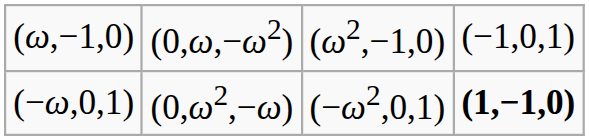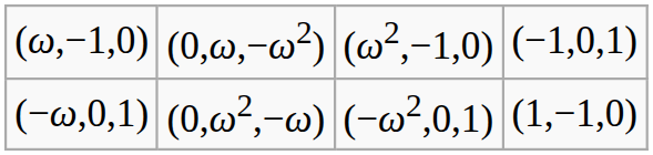 <table class=wikitable>
 <tr>
 <td>(<em>ω</em>,−1,0)</td>
 <td>(0,<em>ω</em>,−<em>ω</em><sup>2</sup>)</td>
 <td>(<em>ω</em><sup>2</sup>,−1,0)</td>
 <td>(−1,0,1)</td>
 </tr>
 <tr>
 <td>(−<em>ω</em>,0,1)</td>
 <td>(0,<em>ω</em><sup>2</sup>,−<em>ω</em>)</td>
 <td>(−<em>ω</em><sup>2</sup>,0,1)</td>
-<td><strong>(1,−1,0)</strong></td>
+<td>(1,−1,0)</td>
 </tr>
 </table>
